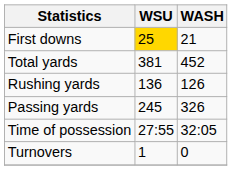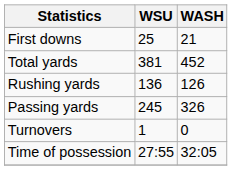 <table class="wikitable" style="float: left;">
 <tr>
 <th>Statistics</th>
 <th>WSU</th>
 <th>WASH</th>
 </tr>
 <tr>
 <td>First downs</td>
-<td style="background: gold;">25</td>
+<td>25</td>
 <td>21</td>
 </tr>
 <tr>
 <td>Total yards</td>
 <td>381</td>
 <td>452</td>
 </tr>
 <tr>
 <td>Rushing yards</td>
 <td>136</td>
 <td>126</td>
 </tr>
 <tr>
 <td>Passing yards</td>
 <td>245</td>
 <td>326</td>
 </tr>
 <tr>
+<td>Turnovers</td>
+<td>1</td>
+<td>0</td>
+</tr>
+<tr>
 <td>Time of possession</td>
 <td>27:55</td>
 <td>32:05</td>
 </tr>
 <tr>
-<td>Turnovers</td>
-<td>1</td>
-<td>0</td>
-</tr>
-<tr>
 </tr>
 </table>
